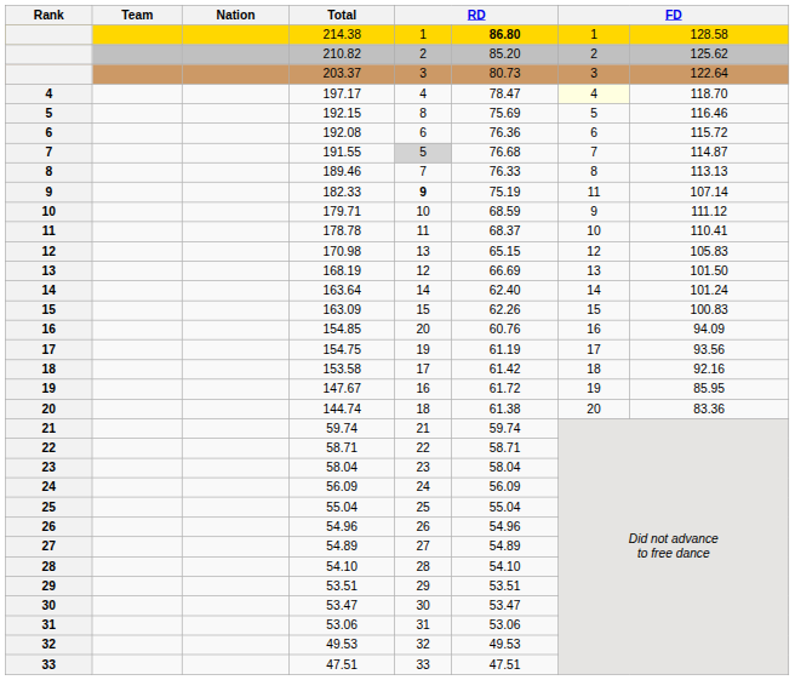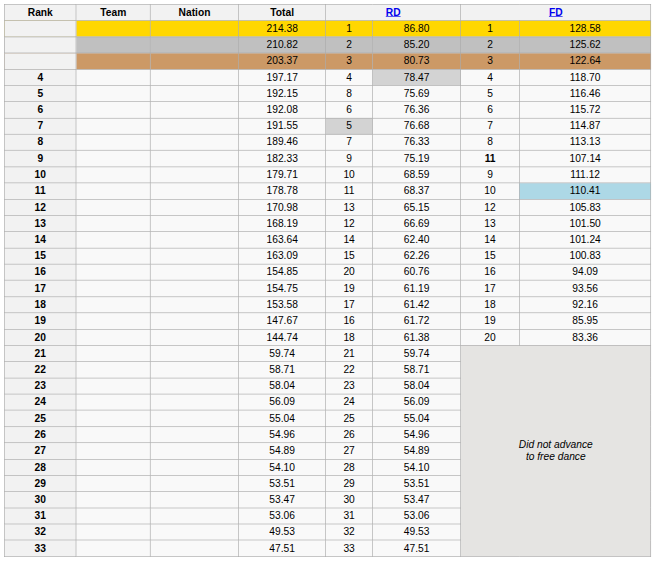 <table class="wikitable sortable" style="text-align:center; width:80%">
 <tr>
 <th scope="col">Rank</th>
 <th scope="col">Team</th>
 <th scope="col">Nation</th>
 <th scope="col">Total</th>
 <th scope="col" colspan="2" width="80px"><a href='#'>RD</a></th>
 <th scope="col" colspan="2" width="80px"><a href='#'>FD</a></th>
 </tr>
 <tr bgcolor="gold">
 <th scope="row"></th>
 <td align="left"></td>
 <td align="left"></td>
 <td>214.38</td>
 <td>1</td>
-<td><strong>86.80</strong></td>
+<td>86.80</td>
 <td>1</td>
 <td>128.58</td>
 </tr>
 <tr bgcolor="silver">
 <th scope="row"></th>
 <td align="left"></td>
 <td align="left"></td>
 <td>210.82</td>
 <td>2</td>
 <td>85.20</td>
 <td>2</td>
 <td>125.62</td>
 </tr>
 <tr bgcolor="#cc9966">
 <th scope="row"></th>
 <td align="left"></td>
 <td align="left"></td>
 <td>203.37</td>
 <td>3</td>
 <td>80.73</td>
 <td>3</td>
 <td>122.64</td>
 </tr>
 <tr>
 <th scope="row">4</th>
 <td align="left"></td>
 <td align="left"></td>
 <td>197.17</td>
 <td>4</td>
-<td>78.47</td>
-<td style="background: lightyellow;">4</td>
+<td style="background: lightgrey;">78.47</td>
+<td>4</td>
 <td>118.70</td>
 </tr>
 <tr>
 <th scope="row">5</th>
 <td align="left"></td>
 <td align="left"></td>
 <td>192.15</td>
 <td>8</td>
 <td>75.69</td>
 <td>5</td>
 <td>116.46</td>
 </tr>
 <tr>
 <th scope="row">6</th>
 <td align="left"></td>
 <td align="left"></td>
 <td>192.08</td>
 <td>6</td>
 <td>76.36</td>
 <td>6</td>
 <td>115.72</td>
 </tr>
 <tr>
 <th scope="row">7</th>
 <td align="left"></td>
 <td align="left"></td>
 <td>191.55</td>
 <td style="background: lightgrey;">5</td>
 <td>76.68</td>
 <td>7</td>
 <td>114.87</td>
 </tr>
 <tr>
 <th scope="row">8</th>
 <td align="left"></td>
 <td align="left"></td>
 <td>189.46</td>
 <td>7</td>
 <td>76.33</td>
 <td>8</td>
 <td>113.13</td>
 </tr>
 <tr>
 <th scope="row">9</th>
 <td align="left"></td>
 <td align="left"></td>
 <td>182.33</td>
-<td><strong>9</strong></td>
+<td>9</td>
 <td>75.19</td>
-<td>11</td>
+<td><strong>11</strong></td>
 <td>107.14</td>
 </tr>
 <tr>
 <th scope="row">10</th>
 <td align="left"></td>
 <td align="left"></td>
 <td>179.71</td>
 <td>10</td>
 <td>68.59</td>
 <td>9</td>
 <td>111.12</td>
 </tr>
 <tr>
 <th scope="row">11</th>
 <td align="left"></td>
 <td align="left"></td>
 <td>178.78</td>
 <td>11</td>
 <td>68.37</td>
 <td>10</td>
-<td>110.41</td>
+<td style="background: lightblue;">110.41</td>
 </tr>
 <tr>
 <th scope="row">12</th>
 <td align="left"></td>
 <td align="left"></td>
 <td>170.98</td>
 <td>13</td>
 <td>65.15</td>
 <td>12</td>
 <td>105.83</td>
 </tr>
 <tr>
 <th scope="row">13</th>
 <td align="left"></td>
 <td align="left"></td>
 <td>168.19</td>
 <td>12</td>
 <td>66.69</td>
 <td>13</td>
 <td>101.50</td>
 </tr>
 <tr>
 <th scope="row">14</th>
 <td align="left"></td>
 <td align="left"></td>
 <td>163.64</td>
 <td>14</td>
 <td>62.40</td>
 <td>14</td>
 <td>101.24</td>
 </tr>
 <tr>
 <th scope="row">15</th>
 <td align="left"></td>
 <td align="left"></td>
 <td>163.09</td>
 <td>15</td>
 <td>62.26</td>
 <td>15</td>
 <td>100.83</td>
 </tr>
 <tr>
 <th scope="row">16</th>
 <td align="left"></td>
 <td align="left"></td>
 <td>154.85</td>
 <td>20</td>
 <td>60.76</td>
 <td>16</td>
 <td>94.09</td>
 </tr>
 <tr>
 <th scope="row">17</th>
 <td align="left"></td>
 <td align="left"></td>
 <td>154.75</td>
 <td>19</td>
 <td>61.19</td>
 <td>17</td>
 <td>93.56</td>
 </tr>
 <tr>
 <th scope="row">18</th>
 <td align="left"></td>
 <td align="left"></td>
 <td>153.58</td>
 <td>17</td>
 <td>61.42</td>
 <td>18</td>
 <td>92.16</td>
 </tr>
 <tr>
 <th scope="row">19</th>
 <td align="left"></td>
 <td align="left"></td>
 <td>147.67</td>
 <td>16</td>
 <td>61.72</td>
 <td>19</td>
 <td>85.95</td>
 </tr>
 <tr>
 <th scope="row">20</th>
 <td align="left"></td>
 <td align="left"></td>
 <td>144.74</td>
 <td>18</td>
 <td>61.38</td>
 <td>20</td>
 <td>83.36</td>
 </tr>
 <tr>
 <th scope="row">21</th>
 <td align="left"></td>
 <td align="left"></td>
 <td>59.74</td>
 <td>21</td>
 <td>59.74</td>
 <td colspan="2" rowspan="13" bgcolor="e5e4e2"><em>Did not advance<br>to free dance</em></td>
 </tr>
 <tr>
 <th scope="row">22</th>
 <td align="left"></td>
 <td align="left"></td>
 <td>58.71</td>
 <td>22</td>
 <td>58.71</td>
 </tr>
 <tr>
 <th scope="row">23</th>
 <td align="left"></td>
 <td align="left"></td>
 <td>58.04</td>
 <td>23</td>
 <td>58.04</td>
 </tr>
 <tr>
 <th scope="row">24</th>
 <td align="left"></td>
 <td align="left"></td>
 <td>56.09</td>
 <td>24</td>
 <td>56.09</td>
 </tr>
 <tr>
 <th scope="row">25</th>
 <td align="left"></td>
 <td align="left"></td>
 <td>55.04</td>
 <td>25</td>
 <td>55.04</td>
 </tr>
 <tr>
 <th scope="row">26</th>
 <td align="left"></td>
 <td align="left"></td>
 <td>54.96</td>
 <td>26</td>
 <td>54.96</td>
 </tr>
 <tr>
 <th scope="row">27</th>
 <td align="left"></td>
 <td align="left"></td>
 <td>54.89</td>
 <td>27</td>
 <td>54.89</td>
 </tr>
 <tr>
 <th scope="row">28</th>
 <td align="left"></td>
 <td align="left"></td>
 <td>54.10</td>
 <td>28</td>
 <td>54.10</td>
 </tr>
 <tr>
 <th scope="row">29</th>
 <td align="left"></td>
 <td align="left"></td>
 <td>53.51</td>
 <td>29</td>
 <td>53.51</td>
 </tr>
 <tr>
 <th scope="row">30</th>
 <td align="left"></td>
 <td align="left"></td>
 <td>53.47</td>
 <td>30</td>
 <td>53.47</td>
 </tr>
 <tr>
 <th scope="row">31</th>
 <td align="left"></td>
 <td align="left"></td>
 <td>53.06</td>
 <td>31</td>
 <td>53.06</td>
 </tr>
 <tr>
 <th scope="row">32</th>
 <td align="left"></td>
 <td align="left"></td>
 <td>49.53</td>
 <td>32</td>
 <td>49.53</td>
 </tr>
 <tr>
 <th scope="row">33</th>
 <td align="left"></td>
 <td align="left"></td>
 <td>47.51</td>
 <td>33</td>
 <td>47.51</td>
 </tr>
 </table>
